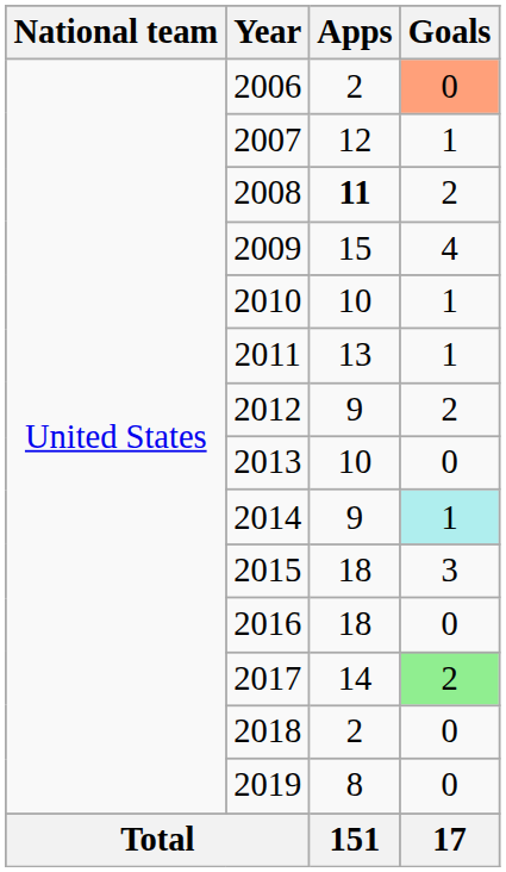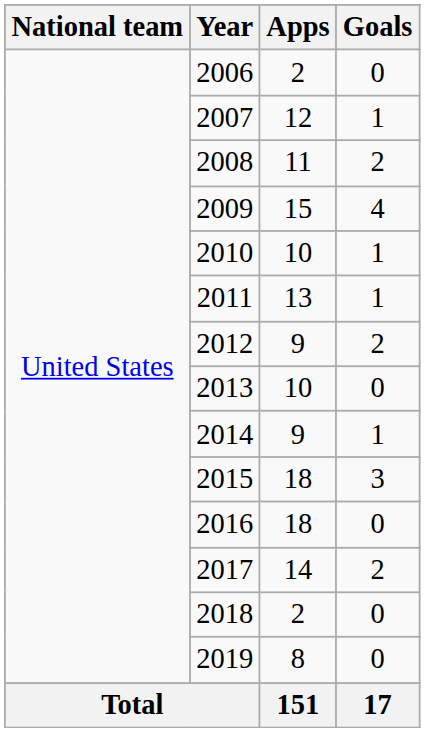 <table class="wikitable" style="text-align:center">
 <tr>
 <th>National team</th>
 <th>Year</th>
 <th>Apps</th>
 <th>Goals</th>
 </tr>
 <tr>
 <td rowspan="14"><a href='#'>United States</a></td>
 <td>2006</td>
 <td>2</td>
-<td style="background: lightsalmon;">0</td>
+<td>0</td>
 </tr>
 <tr>
 <td>2007</td>
 <td>12</td>
 <td>1</td>
 </tr>
 <tr>
 <td>2008</td>
-<td><strong>11</strong></td>
+<td>11</td>
 <td>2</td>
 </tr>
 <tr>
 <td>2009</td>
 <td>15</td>
 <td>4</td>
 </tr>
 <tr>
 <td>2010</td>
 <td>10</td>
 <td>1</td>
 </tr>
 <tr>
 <td>2011</td>
 <td>13</td>
 <td>1</td>
 </tr>
 <tr>
 <td>2012</td>
 <td>9</td>
 <td>2</td>
 </tr>
 <tr>
 <td>2013</td>
 <td>10</td>
 <td>0</td>
 </tr>
 <tr>
 <td>2014</td>
 <td>9</td>
-<td style="background: paleturquoise;">1</td>
+<td>1</td>
 </tr>
 <tr>
 <td>2015</td>
 <td>18</td>
 <td>3</td>
 </tr>
 <tr>
 <td>2016</td>
 <td>18</td>
 <td>0</td>
 </tr>
 <tr>
 <td>2017</td>
 <td>14</td>
-<td style="background: lightgreen;">2</td>
+<td>2</td>
 </tr>
 <tr>
 <td>2018</td>
 <td>2</td>
 <td>0</td>
 </tr>
 <tr>
 <td>2019</td>
 <td>8</td>
 <td>0</td>
 </tr>
 <tr>
 <th colspan="2">Total</th>
 <th>151</th>
 <th>17</th>
 </tr>
 </table>
